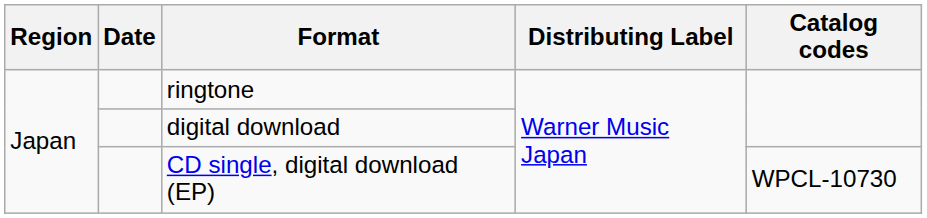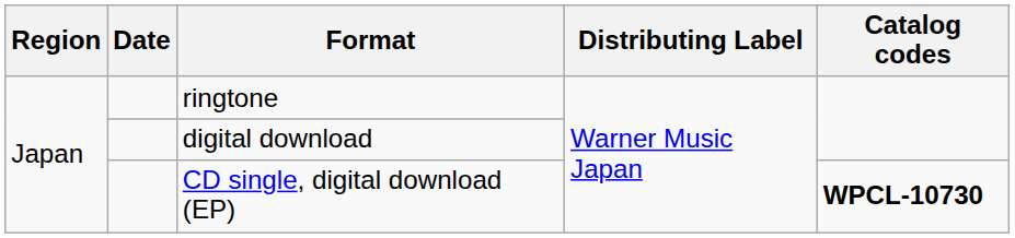 <table class="wikitable">
 <tr>
 <th>Region</th>
 <th>Date</th>
 <th>Format</th>
 <th>Distributing Label</th>
 <th>Catalog codes</th>
 </tr>
 <tr>
 <td rowspan="3">Japan</td>
 <td></td>
 <td>ringtone</td>
 <td rowspan="3"><a href='#'>Warner Music Japan</a></td>
 <td rowspan="2"></td>
 </tr>
 <tr>
 <td></td>
 <td>digital download</td>
 </tr>
 <tr>
 <td></td>
 <td><a href='#'>CD single</a>, digital download (EP)</td>
-<td rowspan="1">WPCL-10730</td>
+<td rowspan="1"><strong>WPCL-10730</strong></td>
 </tr>
 </table>
